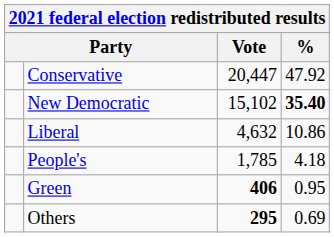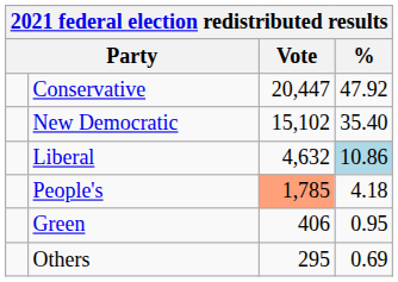 <table class="wikitable">
 <tr>
 <th colspan="4"><a href='#'>2021 federal election</a> redistributed results</th>
 </tr>
 <tr>
 <th bgcolor="#DDDDFF" width="130px" colspan="2">Party</th>
 <th bgcolor="#DDDDFF" width="50px">Vote</th>
 <th bgcolor="#DDDDFF" width="30px">%</th>
 </tr>
 <tr>
 <td> </td>
 <td><a href='#'>Conservative</a></td>
 <td align=right>20,447</td>
 <td align=right>47.92</td>
 </tr>
 <tr>
 <td> </td>
 <td><a href='#'>New Democratic</a></td>
 <td align=right>15,102</td>
-<td align=right><strong>35.40</strong></td>
+<td align=right>35.40</td>
 </tr>
 <tr>
 <td> </td>
 <td><a href='#'>Liberal</a></td>
 <td align=right>4,632</td>
-<td align=right>10.86</td>
+<td align=right style="background: lightblue;">10.86</td>
 </tr>
 <tr>
 <td> </td>
 <td><a href='#'>People's</a></td>
-<td align=right>1,785</td>
+<td align=right style="background: lightsalmon;">1,785</td>
 <td align=right>4.18</td>
 </tr>
 <tr>
 <td> </td>
 <td><a href='#'>Green</a></td>
-<td align=right><strong>406</strong></td>
+<td align=right>406</td>
 <td align=right>0.95</td>
 </tr>
 <tr>
 <td> </td>
 <td>Others</td>
-<td align=right><strong>295</strong></td>
+<td align=right>295</td>
 <td align=right>0.69</td>
 </tr>
 </table>
